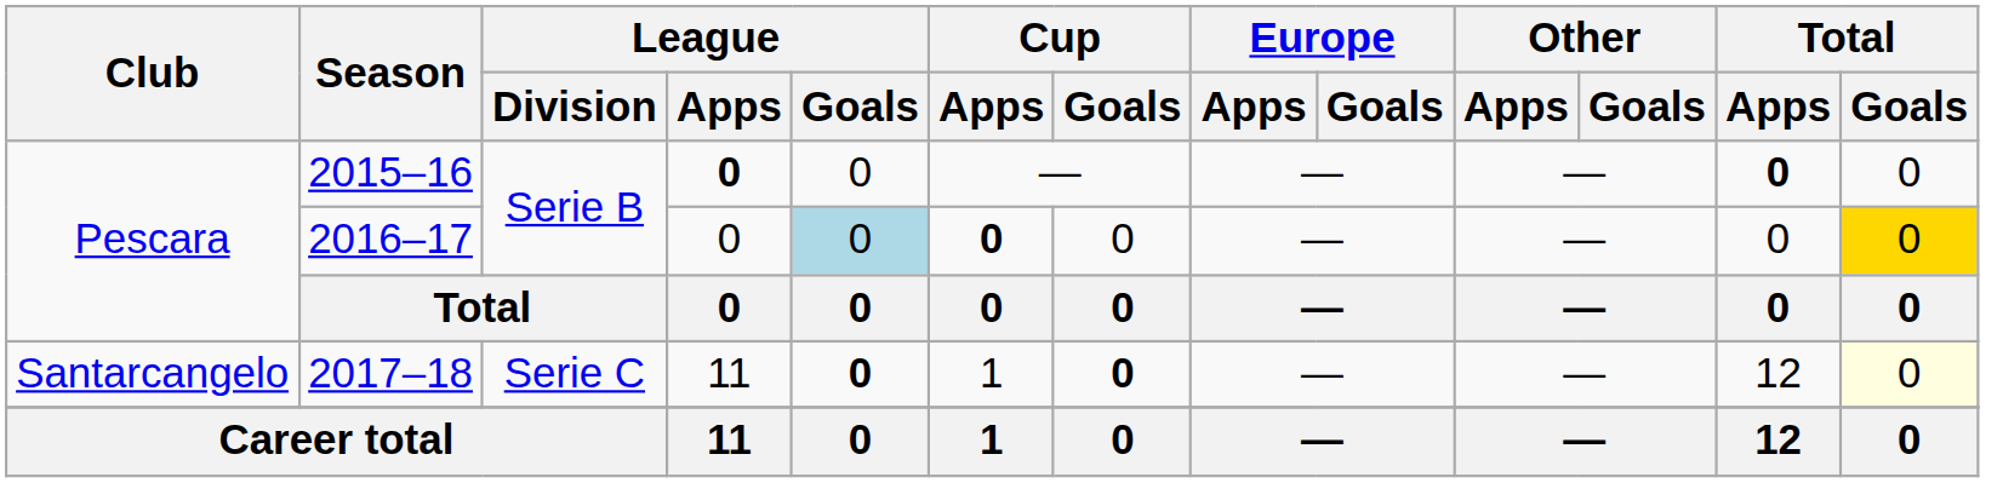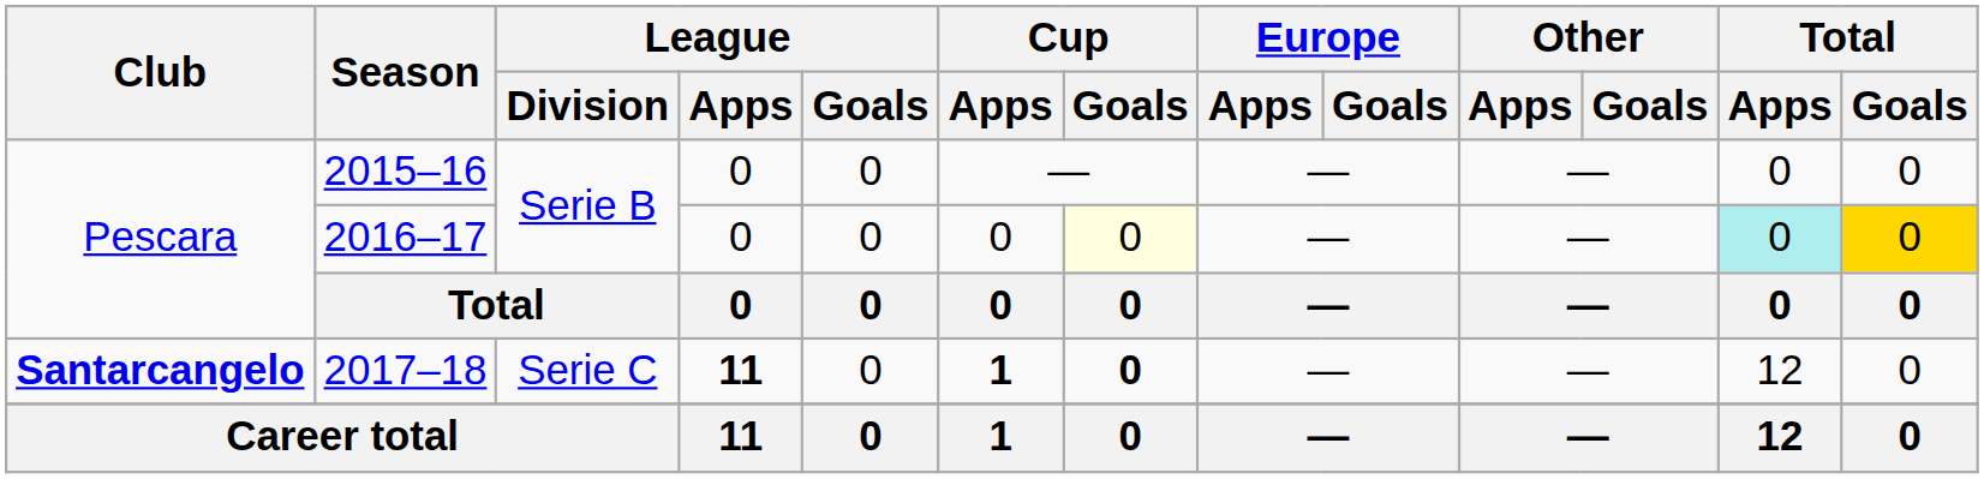 <table class="wikitable" style="text-align:center">
 <tr>
 <th rowspan="2">Club</th>
 <th rowspan="2">Season</th>
 <th colspan="3">League</th>
 <th colspan="2">Cup</th>
 <th colspan="2"><a href='#'>Europe</a></th>
 <th colspan="2">Other</th>
 <th colspan="2">Total</th>
 </tr>
 <tr>
 <th>Division</th>
 <th>Apps</th>
 <th>Goals</th>
 <th>Apps</th>
 <th>Goals</th>
 <th>Apps</th>
 <th>Goals</th>
 <th>Apps</th>
 <th>Goals</th>
 <th>Apps</th>
 <th>Goals</th>
 </tr>
 <tr>
 <td rowspan="3" valign="center"><a href='#'>Pescara</a></td>
 <td><a href='#'>2015–16</a></td>
 <td rowspan="2"><a href='#'>Serie B</a></td>
-<td><strong>0</strong></td>
+<td>0</td>
 <td>0</td>
 <td colspan="2">—</td>
 <td colspan="2">—</td>
 <td colspan="2">—</td>
-<td><strong>0</strong></td>
+<td>0</td>
 <td>0</td>
 </tr>
 <tr>
 <td><a href='#'>2016–17</a></td>
 <td>0</td>
-<td style="background: lightblue;">0</td>
-<td><strong>0</strong></td>
 <td>0</td>
+<td>0</td>
+<td style="background: lightyellow;">0</td>
 <td colspan="2">—</td>
 <td colspan="2">—</td>
-<td>0</td>
+<td style="background: paleturquoise;">0</td>
 <td style="background: gold;">0</td>
 </tr>
 <tr>
 <th colspan="2" valign="center">Total</th>
 <th>0</th>
 <th>0</th>
 <th>0</th>
 <th>0</th>
 <th colspan="2">—</th>
 <th colspan="2">—</th>
 <th>0</th>
 <th>0</th>
 </tr>
 <tr>
-<td rowspan="1" valign="center"><a href='#'>Santarcangelo</a></td>
+<td rowspan="1" valign="center"><strong><a href='#'>Santarcangelo</a></strong></td>
 <td><a href='#'>2017–18</a></td>
 <td rowspan="1"><a href='#'>Serie C</a></td>
-<td>11</td>
-<td><strong>0</strong></td>
-<td>1</td>
+<td><strong>11</strong></td>
+<td>0</td>
+<td><strong>1</strong></td>
 <td><strong>0</strong></td>
 <td colspan="2">—</td>
 <td colspan="2">—</td>
 <td>12</td>
-<td style="background: lightyellow;">0</td>
+<td>0</td>
 </tr>
 <tr>
 </tr>
 <tr>
 <th colspan="3">Career total</th>
 <th>11</th>
 <th>0</th>
 <th>1</th>
 <th>0</th>
 <th colspan="2">—</th>
 <th colspan="2">—</th>
 <th>12</th>
 <th>0</th>
 </tr>
 </table>
